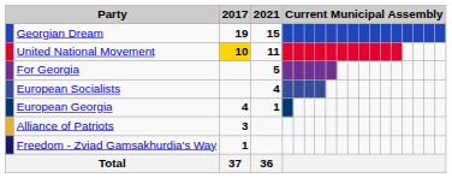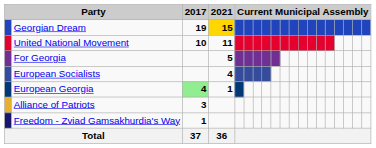 <table class="wikitable">
 <tr>
 <th style="background:#ccc" colspan="2">Party</th>
 <th style="background:#ccc">2017</th>
 <th style="background:#ccc">2021</th>
 <th style="background:#ccc" colspan="45">Current Municipal Assembly</th>
 </tr>
 <tr>
 <td style="background-color: #2044bc"> </td>
 <td><a href='#'>Georgian Dream</a></td>
 <td style="text-align: right"><strong>19</strong></td>
-<td style="text-align: right"><strong>15</strong></td>
+<td style="background: gold; text-align: right"><strong>15</strong></td>
 <td style="background-color: #2044bc"></td>
 <td style="background-color: #2044bc"> </td>
 <td style="background-color: #2044bc"> </td>
 <td style="background-color: #2044bc"> </td>
 <td style="background-color: #2044bc"> </td>
 <td style="background-color: #2044bc"> </td>
 <td style="background-color: #2044bc"> </td>
 <td style="background-color: #2044bc"> </td>
 <td style="background-color: #2044bc"> </td>
 <td style="background-color: #2044bc"> </td>
 <td style="background-color: #2044bc"> </td>
 <td style="background-color: #2044bc"> </td>
 <td style="background-color: #2044bc"> </td>
 <td style="background-color: #2044bc"> </td>
 <td style="background-color: #2044bc"> </td>
 </tr>
 <tr>
 <td style="background-color: #e4012e"> </td>
 <td><a href='#'>United National Movement</a></td>
-<td style="background: gold; text-align: right"><strong>10</strong></td>
+<td style="text-align: right"><strong>10</strong></td>
 <td style="text-align: right"><strong>11</strong></td>
 <td style="background-color: #e4012e"></td>
 <td style="background-color: #e4012e"> </td>
 <td style="background-color: #e4012e"> </td>
 <td style="background-color: #e4012e"> </td>
 <td style="background-color: #e4012e"> </td>
 <td style="background-color: #e4012e"> </td>
 <td style="background-color: #e4012e"> </td>
 <td style="background-color: #e4012e"> </td>
 <td style="background-color: #e4012e"> </td>
 <td style="background-color: #e4012e"> </td>
 <td style="background-color: #e4012e"> </td>
 <td></td>
 <td></td>
 <td></td>
 <td></td>
 </tr>
 <tr>
 <td style="background-color: #702F92"> </td>
 <td><a href='#'>For Georgia</a></td>
 <td></td>
 <td style="text-align: right"><strong>5</strong></td>
 <td style="background-color: #702f92"></td>
 <td style="background-color: #702f92"> </td>
 <td style="background-color: #702f92"> </td>
 <td style="background-color: #702f92"> </td>
 <td style="background-color: #702f92"> </td>
 <td></td>
 <td></td>
 <td></td>
 <td></td>
 <td></td>
 <td></td>
 <td></td>
 <td></td>
 <td></td>
 <td></td>
 </tr>
 <tr>
 <td style="background-color: #354c9c"> </td>
 <td><a href='#'>European Socialists</a></td>
 <td></td>
 <td style="text-align: right"><strong>4</strong></td>
 <td style="background-color: #354c9c"> </td>
 <td style="background-color: #354c9c"> </td>
 <td style="background-color: #354c9c"> </td>
 <td style="background-color: #354c9c"> </td>
 <td></td>
 <td></td>
 <td></td>
 <td></td>
 <td></td>
 <td></td>
 <td></td>
 <td></td>
 <td></td>
 <td></td>
 <td></td>
 </tr>
 <tr>
 <td style="background-color: #003876"> </td>
 <td><a href='#'>European Georgia</a></td>
-<td style="text-align: right"><strong>4</strong></td>
+<td style="background: lightgreen; text-align: right"><strong>4</strong></td>
 <td style="text-align: right"><strong>1</strong></td>
 <td style="background-color: #003876"> </td>
 <td></td>
 <td></td>
 <td></td>
 <td></td>
 <td></td>
 <td></td>
 <td></td>
 <td></td>
 <td></td>
 <td></td>
 <td></td>
 <td></td>
 <td></td>
 <td></td>
 </tr>
 <tr>
 <td style="background-color: #e7b031"> </td>
 <td><a href='#'>Alliance of Patriots</a></td>
 <td style="text-align: right"><strong>3</strong></td>
 <td></td>
 <td></td>
 <td></td>
 <td></td>
 <td></td>
 <td></td>
 <td></td>
 <td></td>
 <td></td>
 <td></td>
 <td></td>
 <td></td>
 <td></td>
 <td></td>
 <td></td>
 <td></td>
 </tr>
 <tr>
 <td style="background-color: #16166b"> </td>
 <td><a href='#'>Freedom - Zviad Gamsakhurdia's Way</a></td>
 <td style="text-align: right"><strong>1</strong></td>
 <td></td>
 <td></td>
 <td></td>
 <td></td>
 <td></td>
 <td></td>
 <td></td>
 <td></td>
 <td></td>
 <td></td>
 <td></td>
 <td></td>
 <td></td>
 <td></td>
 <td></td>
 <td></td>
 </tr>
 <tr>
 <th colspan=2>Total</th>
 <th align=right>37</th>
 <th align=right>36</th>
 <th colspan=45> </th>
 </tr>
 </table>
